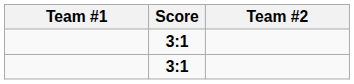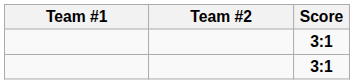 <table class="wikitable" style="text-align:center;">
 <tr>
 <th width=140>Team #1</th>
+<th width=140>Team #2</th>
 <th width=50>Score</th>
-<th width=140>Team #2</th>
 </tr>
 <tr>
 <td style="text-align:right;"></td>
+<td style="text-align:left;"></td>
 <td><strong>3:1</strong></td>
-<td style="text-align:left;"></td>
 </tr>
 <tr>
 <td style="text-align:right;"></td>
+<td style="text-align:left;"></td>
 <td><strong>3:1</strong></td>
-<td style="text-align:left;"></td>
 </tr>
 </table>
